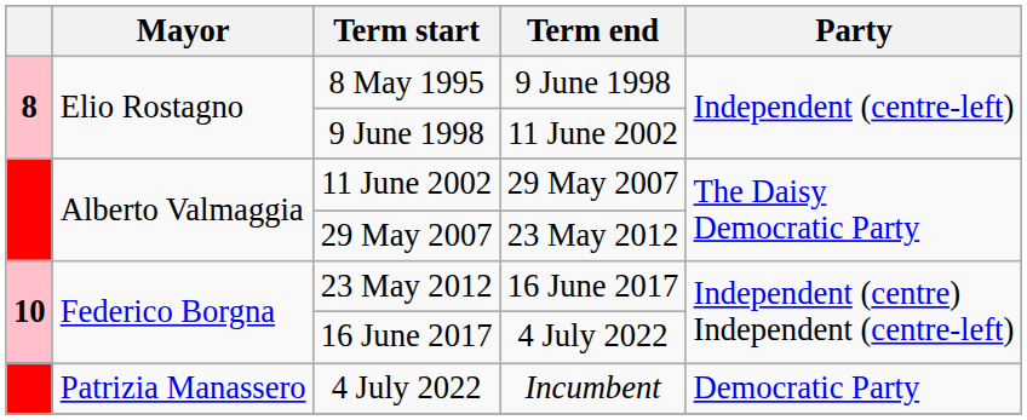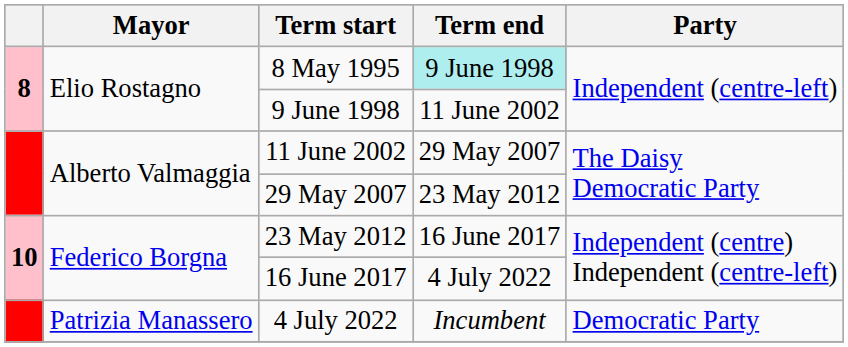 <table class="wikitable">
 <tr>
 <th class=unsortable> </th>
 <th>Mayor</th>
 <th>Term start</th>
 <th>Term end</th>
 <th>Party</th>
 </tr>
 <tr>
 <th rowspan=2 style="background:#ffc0cb;">8</th>
 <td rowspan=2>Elio Rostagno</td>
 <td align=center>8 May 1995</td>
-<td align=center>9 June 1998</td>
+<td align=center style="background: paleturquoise;">9 June 1998</td>
 <td rowspan=2><a href='#'>Independent</a> (<a href='#'>centre-left</a>)</td>
 </tr>
 <tr>
 <td align=center>9 June 1998</td>
 <td align=center>11 June 2002</td>
 </tr>
 <tr>
 <th rowspan=2 style="background:#FF0000;"></th>
 <td rowspan=2>Alberto Valmaggia</td>
 <td align=center>11 June 2002</td>
 <td align=center>29 May 2007</td>
 <td rowspan=2><a href='#'>The Daisy</a><br><a href='#'>Democratic Party</a></td>
 </tr>
 <tr>
 <td align=center>29 May 2007</td>
 <td align=center>23 May 2012</td>
 </tr>
 <tr>
 <th rowspan=2 style="background:#ffc0cb;">10</th>
 <td rowspan=2><a href='#'>Federico Borgna</a></td>
 <td align=center>23 May 2012</td>
 <td align=center>16 June 2017</td>
 <td rowspan=2><a href='#'>Independent</a> (<a href='#'>centre</a>)<br>Independent (<a href='#'>centre-left</a>)</td>
 </tr>
 <tr>
 <td align=center>16 June 2017</td>
 <td align=center>4 July 2022</td>
 </tr>
 <tr>
 <th style="background:#FF0000;"></th>
 <td><a href='#'>Patrizia Manassero</a></td>
 <td align=center>4 July 2022</td>
 <td align=center><em>Incumbent</em></td>
 <td><a href='#'>Democratic Party</a></td>
 </tr>
 <tr>
 </tr>
 </table>
